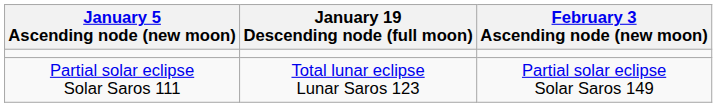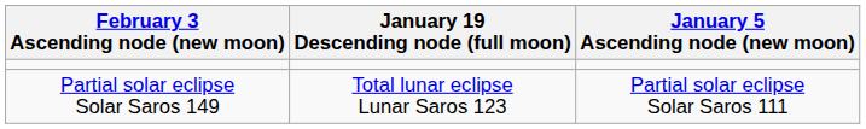 <table class="wikitable">
 <tr>
+<th><a href='#'>February 3</a><br>Ascending node (new moon)</th>
+<th>January 19<br>Descending node (full moon)</th>
 <th><a href='#'>January 5</a><br>Ascending node (new moon)</th>
-<th>January 19<br>Descending node (full moon)</th>
-<th><a href='#'>February 3</a><br>Ascending node (new moon)</th>
 </tr>
 <tr>
 <td></td>
 <td></td>
 <td></td>
 </tr>
 <tr align=center>
+<td><a href='#'>Partial solar eclipse</a><br>Solar Saros 149</td>
+<td><a href='#'>Total lunar eclipse</a><br>Lunar Saros 123</td>
 <td><a href='#'>Partial solar eclipse</a><br>Solar Saros 111</td>
-<td><a href='#'>Total lunar eclipse</a><br>Lunar Saros 123</td>
-<td><a href='#'>Partial solar eclipse</a><br>Solar Saros 149</td>
 </tr>
 </table>
